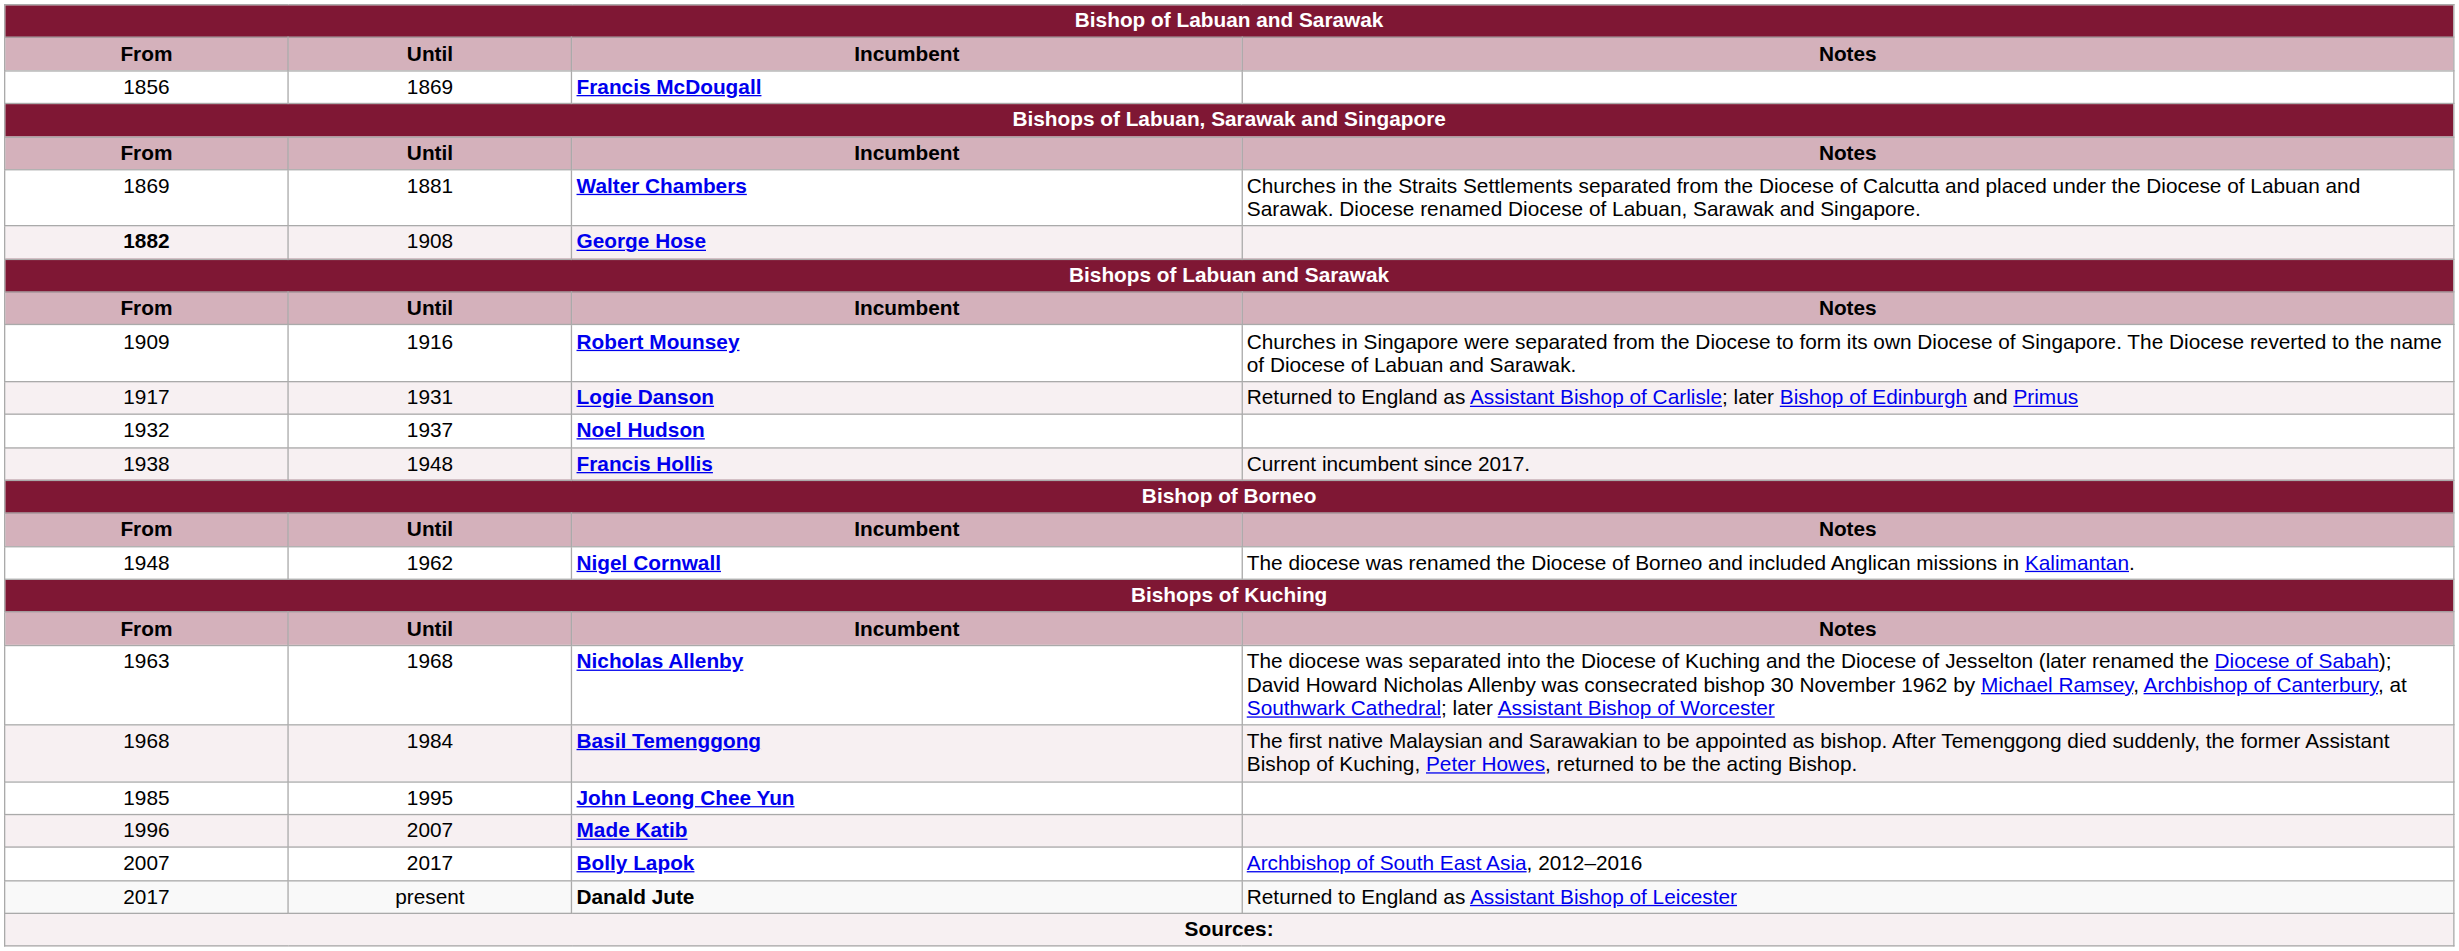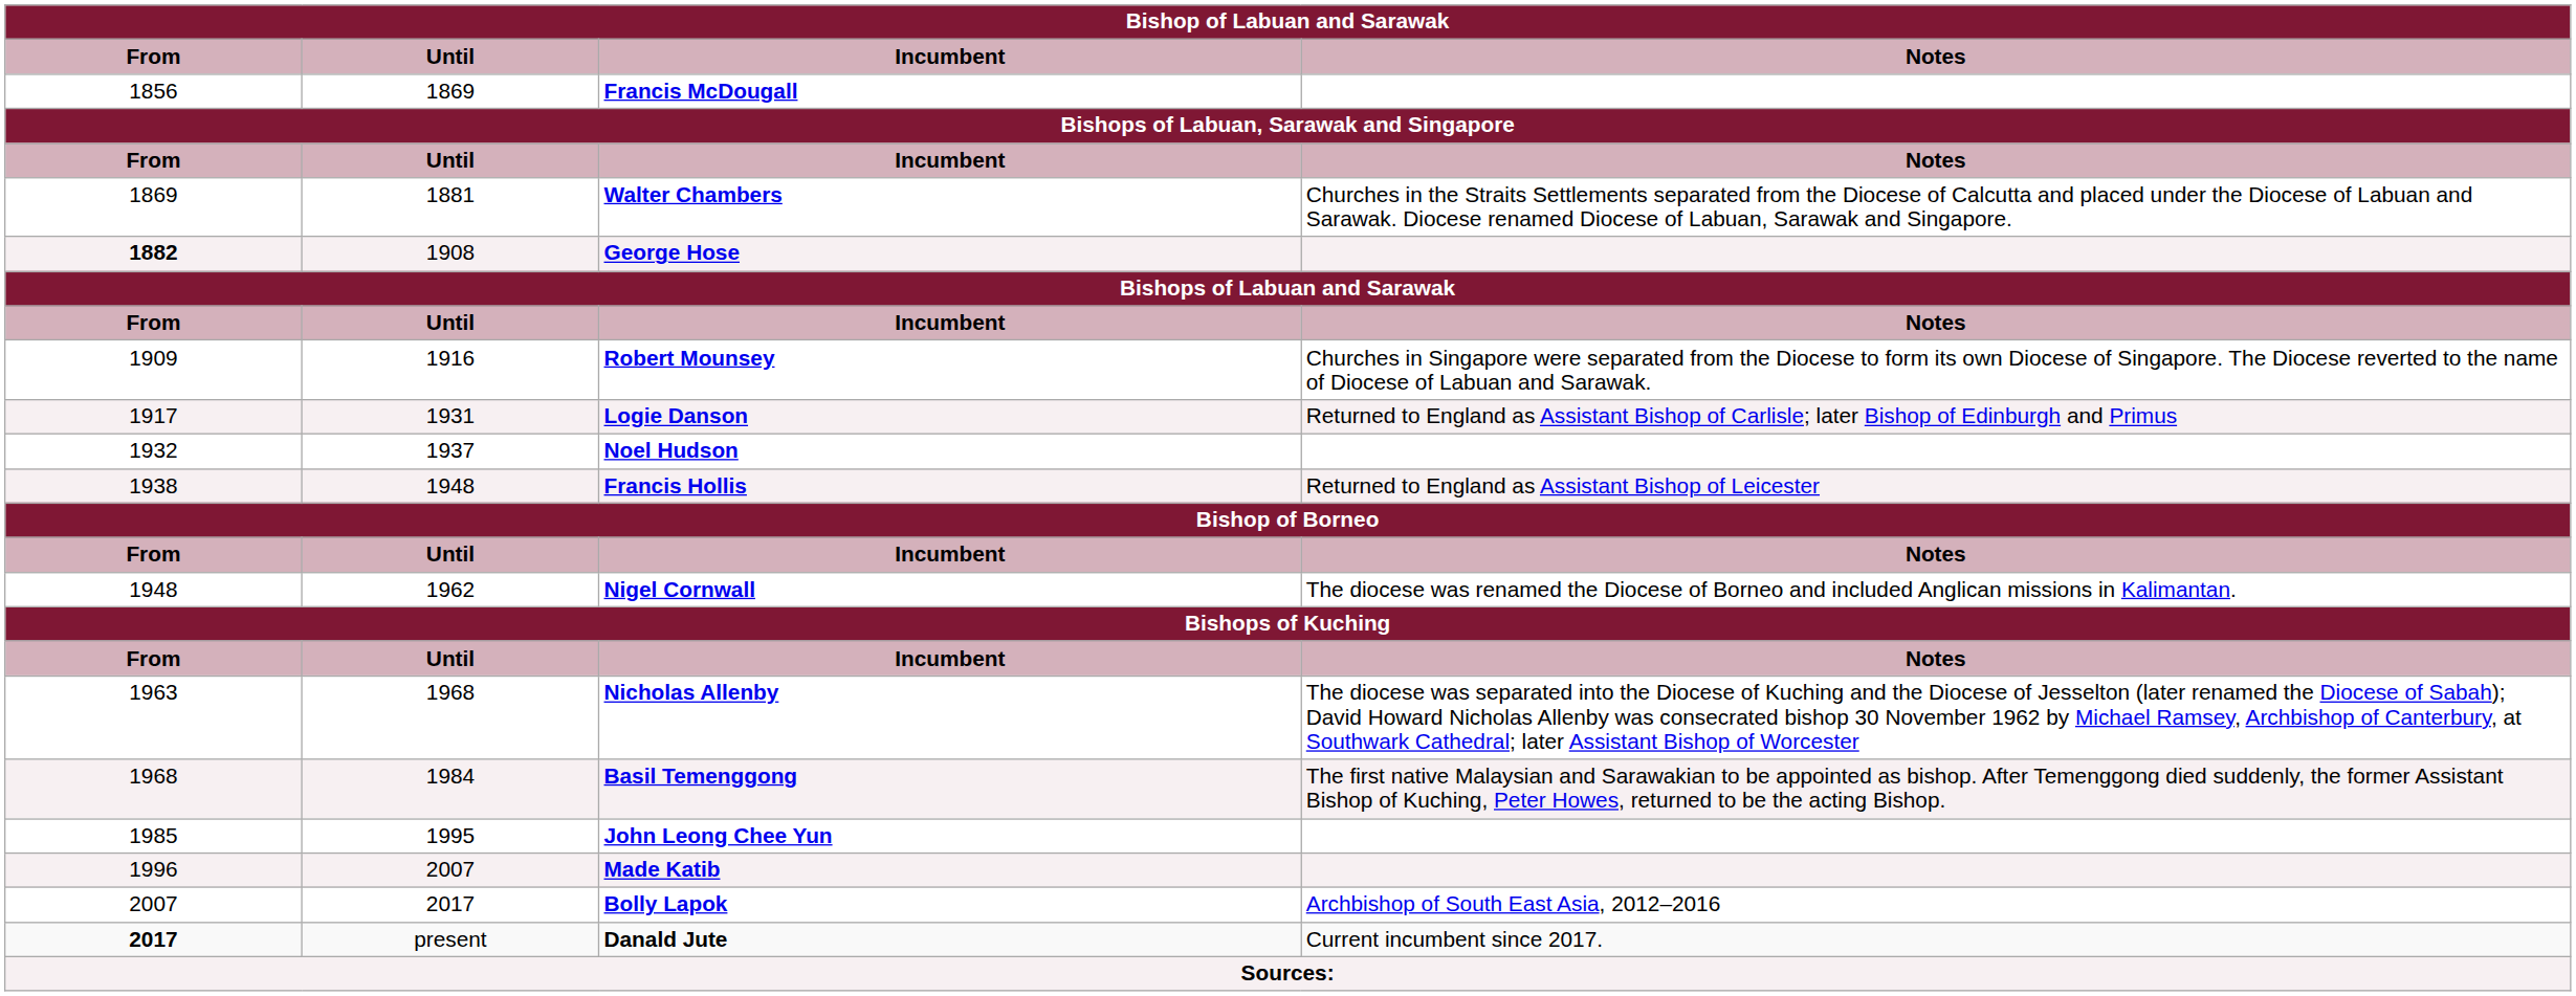 <table class="wikitable" style="width: 95%;">
 <tr>
 <th colspan="4" style="background-color: #7F1734; color: white;">Bishop of Labuan and Sarawak</th>
 </tr>
 <tr>
 <th style="background-color: #D4B1BB; width: 11%;">From</th>
 <th style="background-color: #D4B1BB; width: 11%;">Until</th>
 <th style="background-color: #D4B1BB; width: 26%;">Incumbent</th>
 <th style="background-color: #D4B1BB; width: 47%;">Notes</th>
 </tr>
 <tr valign="top" style="background-color: white;">
 <td style="text-align: center;">1856</td>
 <td style="text-align: center;">1869</td>
 <td><strong><a href='#'>Francis McDougall</a></strong></td>
 <td></td>
 </tr>
 <tr>
 <th colspan="4" style="background-color: #7F1734; color: white;">Bishops of Labuan, Sarawak and Singapore</th>
 </tr>
 <tr>
 <th style="background-color: #D4B1BB;">From</th>
 <th style="background-color: #D4B1BB;">Until</th>
 <th style="background-color: #D4B1BB;">Incumbent</th>
 <th style="background-color: #D4B1BB;">Notes</th>
 </tr>
 <tr valign="top" style="background-color: white;">
 <td style="text-align: center;">1869</td>
 <td style="text-align: center;">1881</td>
 <td><strong><a href='#'>Walter Chambers</a></strong></td>
 <td>Churches in the Straits Settlements separated from the Diocese of Calcutta and placed under the Diocese of Labuan and Sarawak. Diocese renamed Diocese of Labuan, Sarawak and Singapore.</td>
 </tr>
 <tr valign="top" style="background-color: #F7F0F2;">
 <td style="text-align: center;"><strong>1882</strong></td>
 <td style="text-align: center;">1908</td>
 <td><strong><a href='#'>George Hose</a></strong></td>
 <td></td>
 </tr>
 <tr>
 <th colspan="4" style="background-color: #7F1734; color: white;">Bishops of Labuan and Sarawak</th>
 </tr>
 <tr>
 <th style="background-color: #D4B1BB;">From</th>
 <th style="background-color: #D4B1BB;">Until</th>
 <th style="background-color: #D4B1BB;">Incumbent</th>
 <th style="background-color: #D4B1BB;">Notes</th>
 </tr>
 <tr valign="top" style="background-color: white;">
 <td style="text-align: center;">1909</td>
 <td style="text-align: center;">1916</td>
 <td><strong><a href='#'>Robert Mounsey</a></strong></td>
 <td>Churches in Singapore were separated from the Diocese to form its own Diocese of Singapore. The Diocese reverted to the name of Diocese of Labuan and Sarawak.</td>
 </tr>
 <tr valign="top" style="background-color: #F7F0F2;">
 <td style="text-align: center;">1917</td>
 <td style="text-align: center;">1931</td>
 <td><strong><a href='#'>Logie Danson</a></strong></td>
 <td>Returned to England as <a href='#'>Assistant Bishop of Carlisle</a>; later <a href='#'>Bishop of Edinburgh</a> and <a href='#'>Primus</a></td>
 </tr>
 <tr valign="top" style="background-color: white;">
 <td style="text-align: center;">1932</td>
 <td style="text-align: center;">1937</td>
 <td><strong><a href='#'>Noel Hudson</a></strong></td>
 <td></td>
 </tr>
 <tr valign="top" style="background-color: #F7F0F2;">
 <td style="text-align: center;">1938</td>
 <td style="text-align: center;">1948</td>
 <td><strong><a href='#'>Francis Hollis</a></strong></td>
-<td>Current incumbent since 2017.</td>
+<td>Returned to England as <a href='#'>Assistant Bishop of Leicester</a></td>
 </tr>
 <tr>
 <th colspan="4" style="background-color: #7F1734; color: white;">Bishop of Borneo</th>
 </tr>
 <tr>
 <th style="background-color: #D4B1BB;">From</th>
 <th style="background-color: #D4B1BB;">Until</th>
 <th style="background-color: #D4B1BB;">Incumbent</th>
 <th style="background-color: #D4B1BB;">Notes</th>
 </tr>
 <tr valign="top" style="background-color: white;">
 <td style="text-align: center;">1948</td>
 <td style="text-align: center;">1962</td>
 <td><strong><a href='#'>Nigel Cornwall</a></strong></td>
 <td>The diocese was renamed the Diocese of Borneo and included Anglican missions in <a href='#'>Kalimantan</a>.</td>
 </tr>
 <tr>
 <th colspan="4" style="background-color: #7F1734; color: white;">Bishops of Kuching</th>
 </tr>
 <tr>
 <th style="background-color: #D4B1BB;">From</th>
 <th style="background-color: #D4B1BB;">Until</th>
 <th style="background-color: #D4B1BB;">Incumbent</th>
 <th style="background-color: #D4B1BB;">Notes</th>
 </tr>
 <tr valign="top" style="background-color: white;">
 <td style="text-align: center;">1963</td>
 <td style="text-align: center;">1968</td>
 <td><strong><a href='#'>Nicholas Allenby</a></strong></td>
 <td>The diocese was separated into the Diocese of Kuching and the Diocese of Jesselton (later renamed the <a href='#'>Diocese of Sabah</a>); David Howard Nicholas Allenby was consecrated bishop 30 November 1962 by <a href='#'>Michael Ramsey</a>, <a href='#'>Archbishop of Canterbury</a>, at <a href='#'>Southwark Cathedral</a>; later <a href='#'>Assistant Bishop of Worcester</a></td>
 </tr>
 <tr valign="top" style="background-color: #F7F0F2;">
 <td style="text-align: center;">1968</td>
 <td style="text-align: center;">1984</td>
 <td><strong><a href='#'>Basil Temenggong</a></strong></td>
 <td>The first native Malaysian and Sarawakian to be appointed as bishop. After Temenggong died suddenly, the former Assistant Bishop of Kuching, <a href='#'>Peter Howes</a>, returned to be the acting Bishop.</td>
 </tr>
 <tr valign="top" style="background-color: white;">
 <td style="text-align: center;">1985</td>
 <td style="text-align: center;">1995</td>
 <td><strong><a href='#'>John Leong Chee Yun</a></strong></td>
 <td></td>
 </tr>
 <tr valign="top" style="background-color: #F7F0F2;">
 <td style="text-align: center;">1996</td>
 <td style="text-align: center;">2007</td>
 <td><strong><a href='#'>Made Katib</a></strong></td>
 <td></td>
 </tr>
 <tr valign="top" style="background-color: white;">
 <td style="text-align: center;">2007</td>
 <td style="text-align: center;">2017</td>
 <td><strong><a href='#'>Bolly Lapok</a></strong></td>
 <td><a href='#'>Archbishop of South East Asia</a>, 2012–2016</td>
 </tr>
 <tr valign="top" style="backgrounf-color: white;">
-<td style="text-align: center;">2017</td>
+<td style="text-align: center;"><strong>2017</strong></td>
 <td style="text-align: center;">present</td>
 <td><strong>Danald Jute</strong></td>
-<td>Returned to England as <a href='#'>Assistant Bishop of Leicester</a></td>
+<td>Current incumbent since 2017.</td>
 </tr>
 <tr valign="top" style="background-color: #F7F0F2;">
 <td colspan="5" style="text-align: center;"><strong>Sources:</strong> </td>
 </tr>
 </table>
